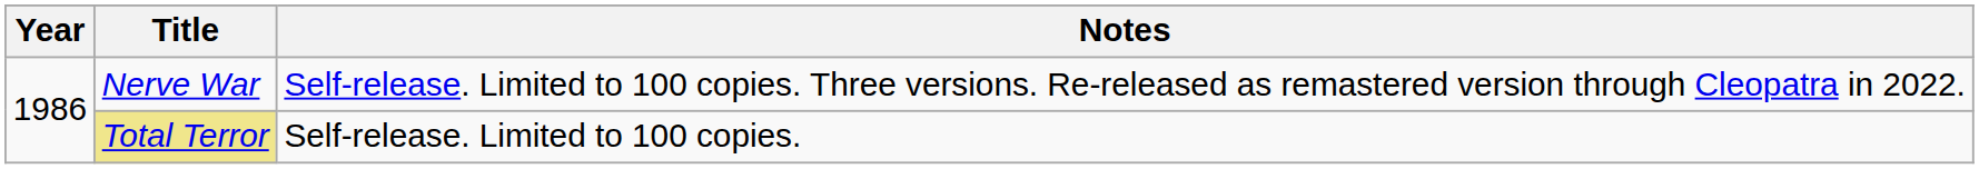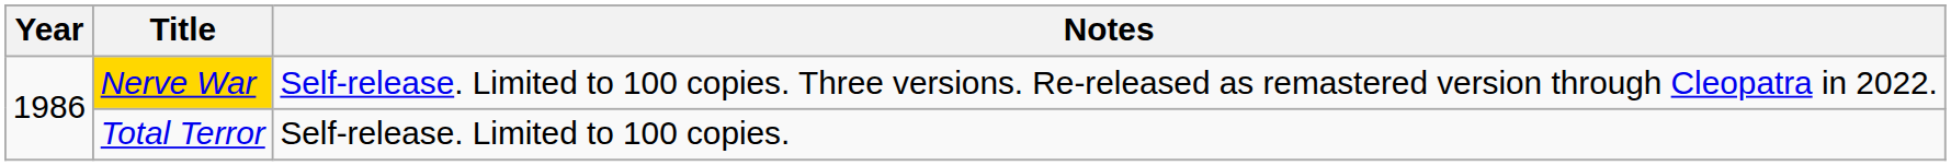 <table class="wikitable">
 <tr>
 <th>Year</th>
 <th>Title</th>
 <th>Notes</th>
 </tr>
 <tr>
 <td rowspan="2">1986</td>
-<td><em><a href='#'>Nerve War</a></em></td>
+<td style="background: gold;"><em><a href='#'>Nerve War</a></em></td>
 <td><a href='#'>Self-release</a>. Limited to 100 copies. Three versions. Re-released as remastered version through <a href='#'>Cleopatra</a> in 2022.</td>
 </tr>
 <tr>
-<td style="background: khaki;"><em><a href='#'>Total Terror</a></em></td>
+<td><em><a href='#'>Total Terror</a></em></td>
 <td>Self-release. Limited to 100 copies.</td>
 </tr>
 </table>
